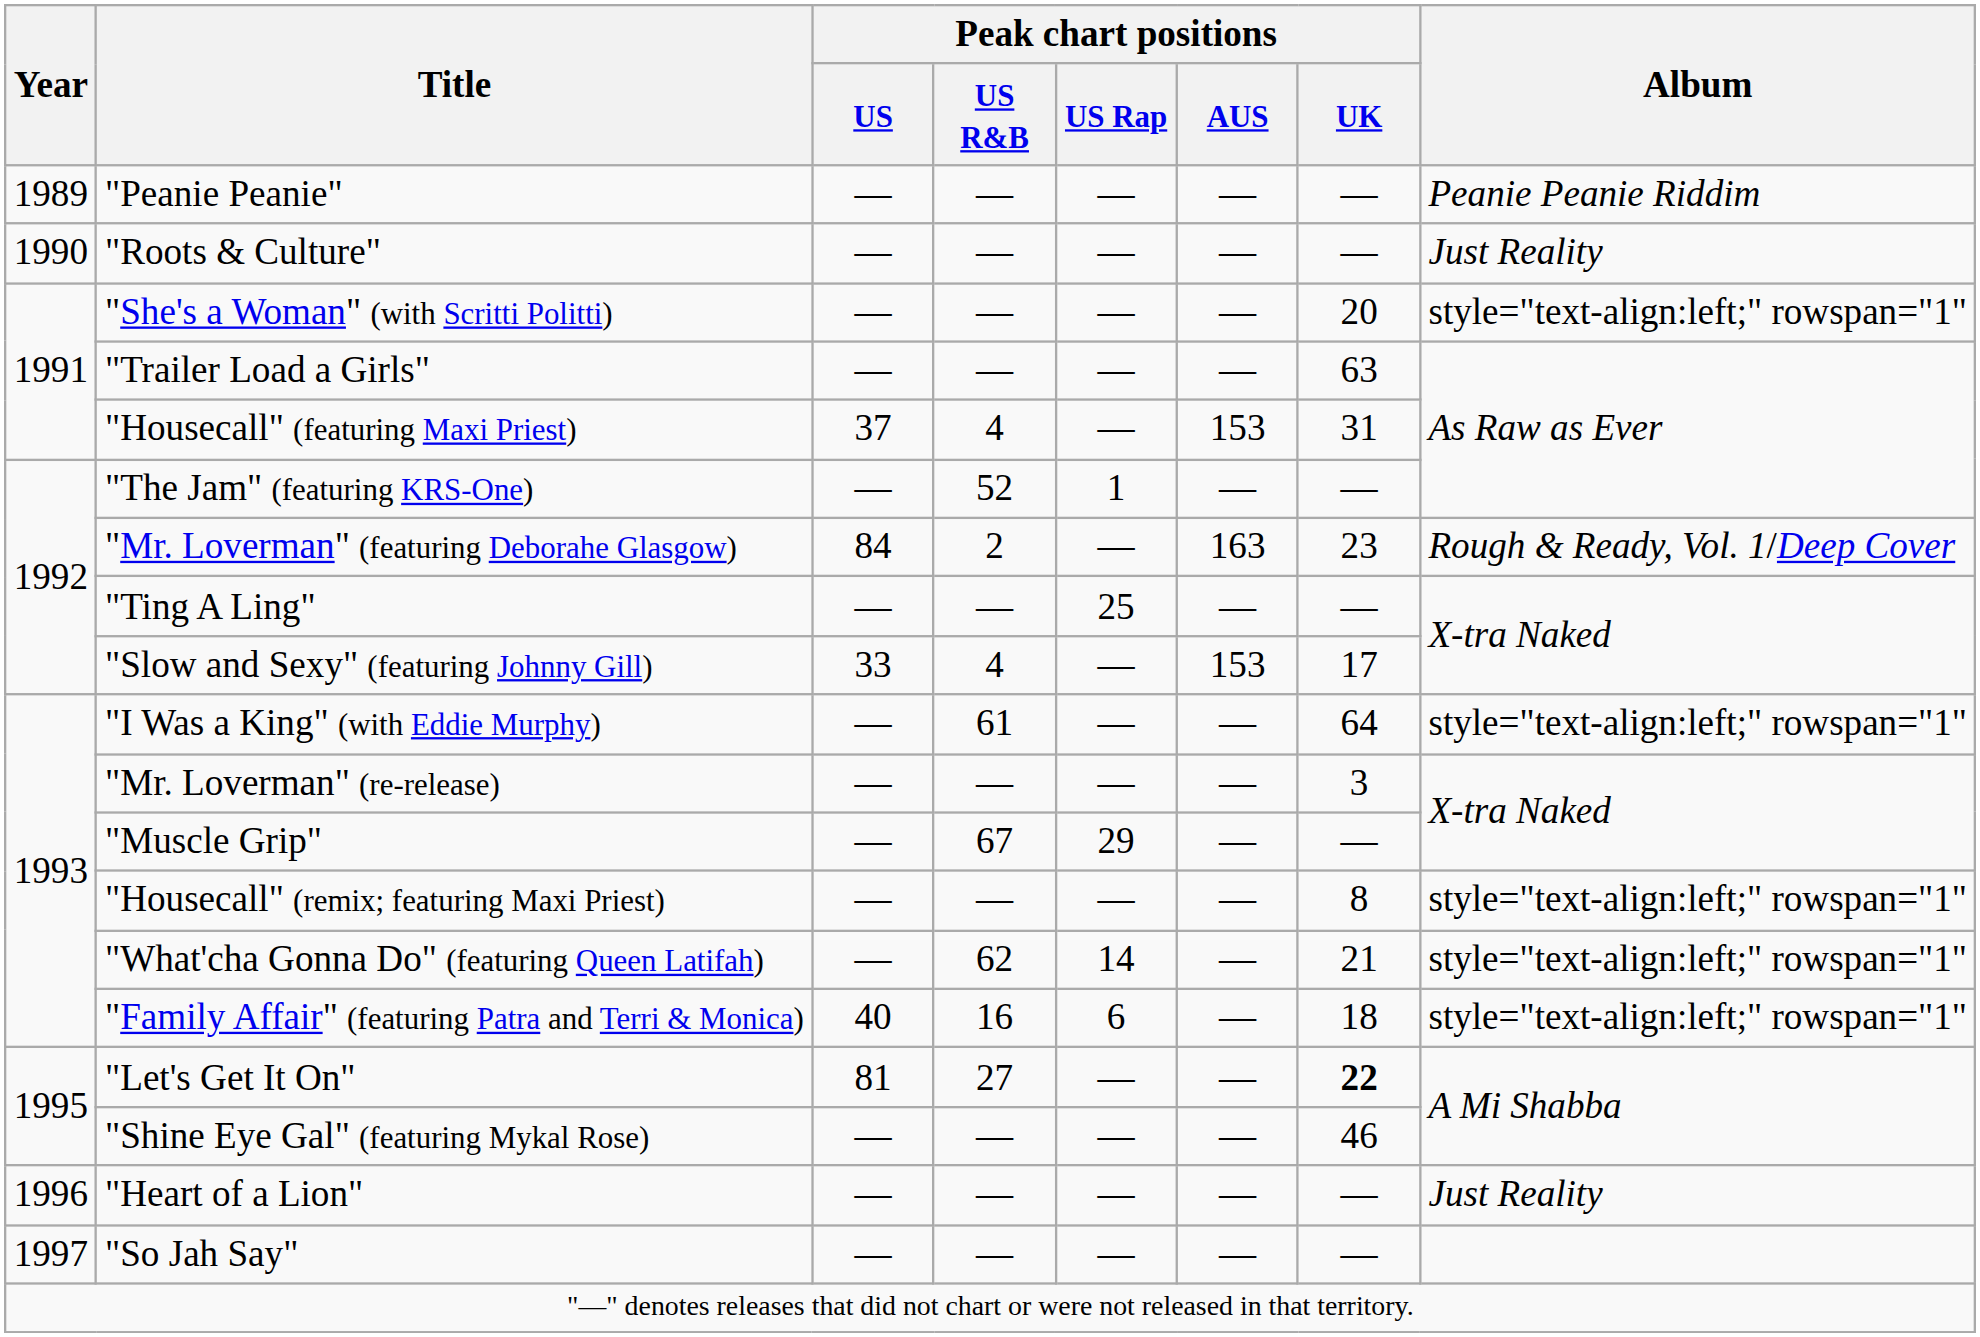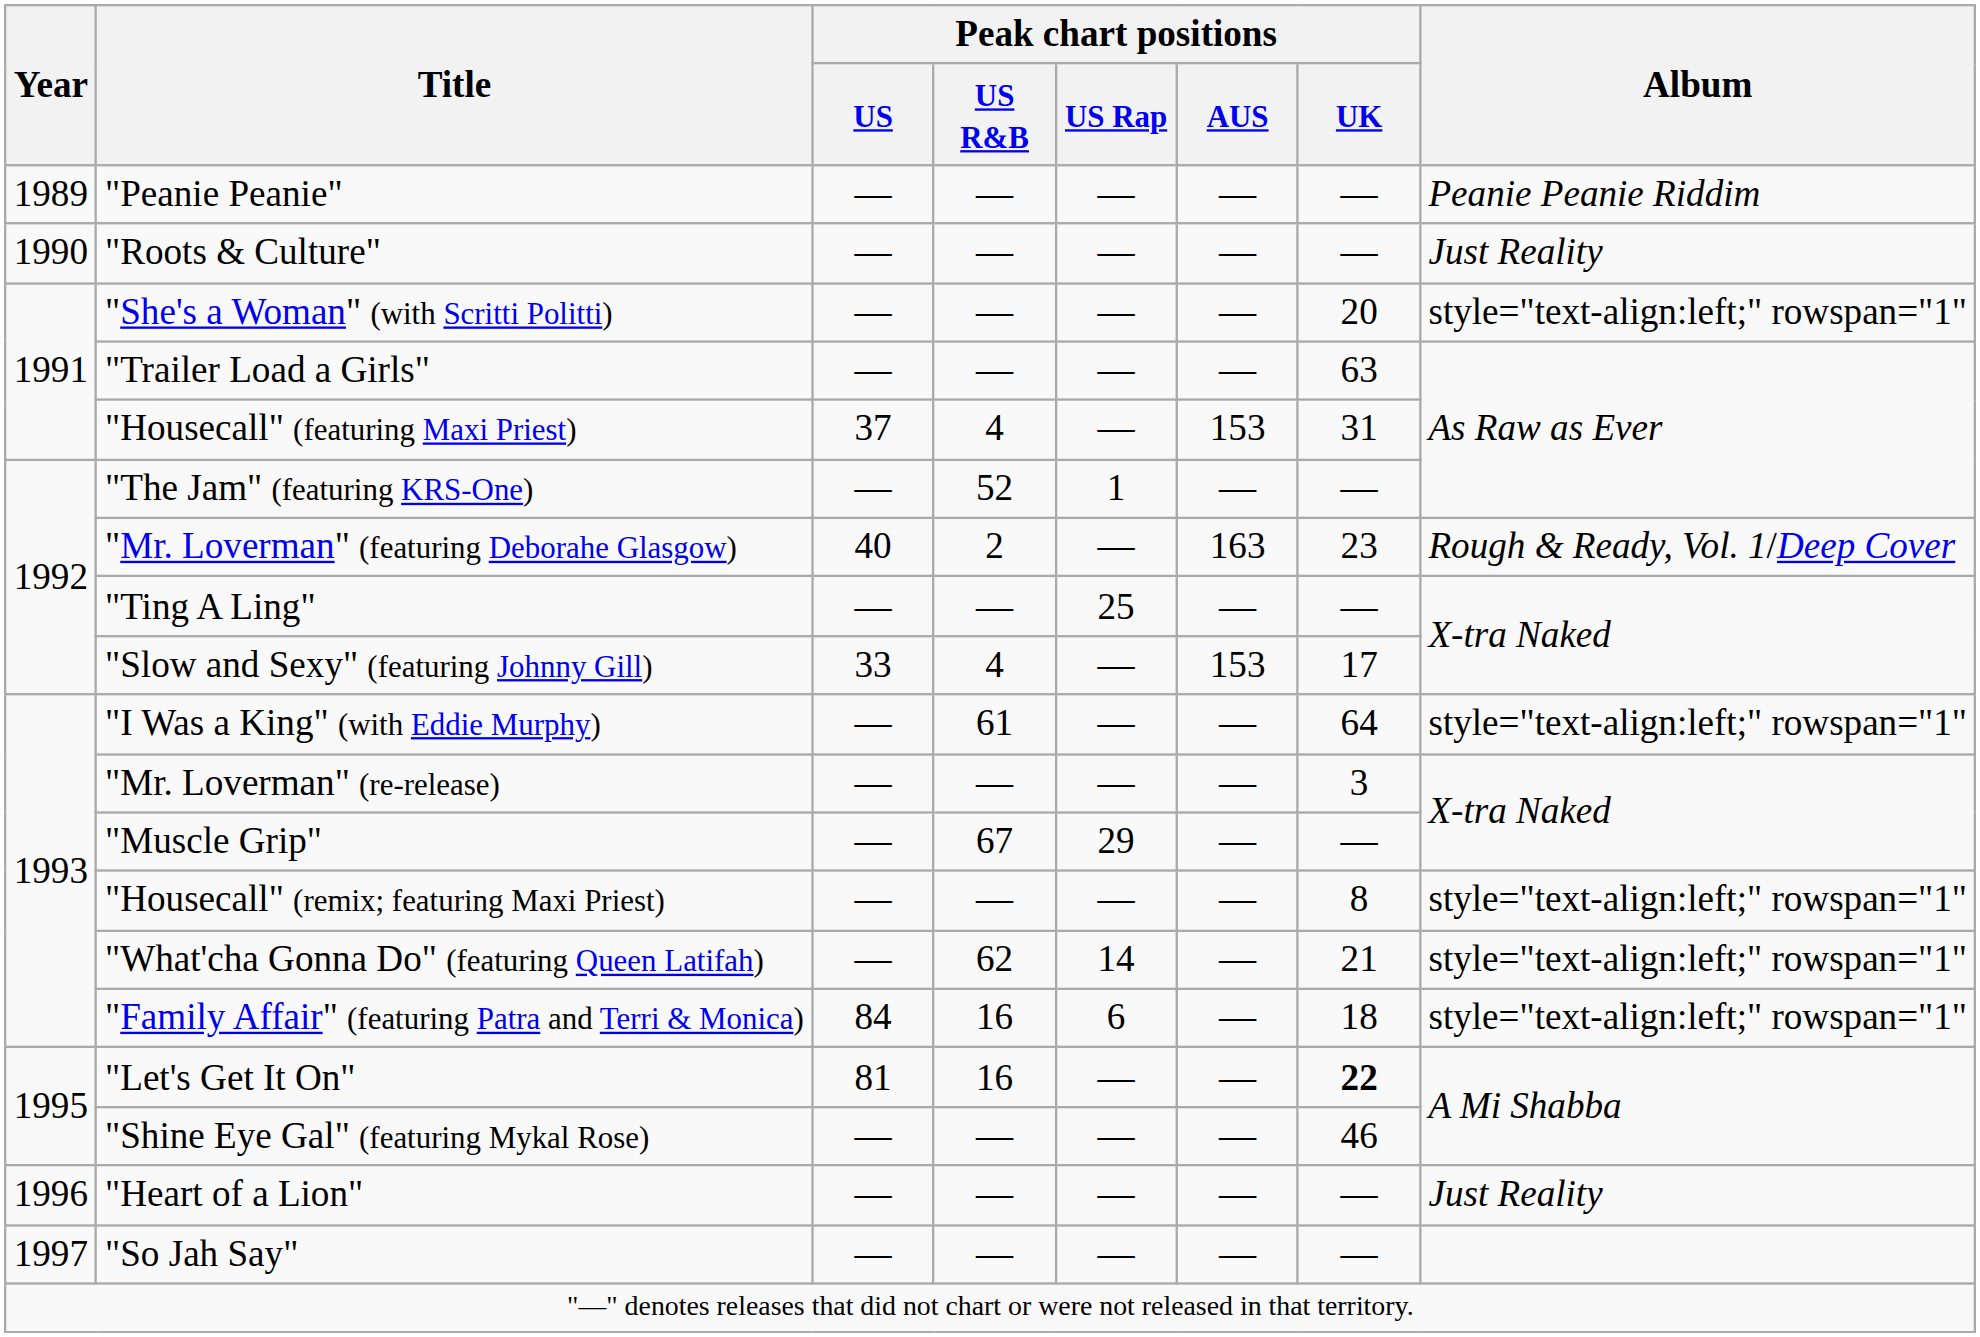 <table class="wikitable">
 <tr>
 <th rowspan="2">Year</th>
 <th rowspan="2">Title</th>
 <th colspan="5">Peak chart positions</th>
 <th rowspan="2">Album</th>
 </tr>
 <tr>
 <th style="width:45px;"><small><a href='#'>US</a></small><br></th>
 <th style="width:45px;"><small><a href='#'>US R&B</a></small><br></th>
 <th style="width:45px;"><small><a href='#'>US Rap</a></small><br></th>
 <th style="width:45px;"><small><a href='#'>AUS</a></small><br></th>
 <th style="width:45px;"><small><a href='#'>UK</a></small><br></th>
 </tr>
 <tr>
 <td>1989</td>
 <td>"Peanie Peanie"</td>
 <td align=center>―</td>
 <td align=center>―</td>
 <td align=center>―</td>
 <td align=center>―</td>
 <td align=center>―</td>
 <td style="text-align:left;" rowspan="1"><em>Peanie Peanie Riddim</em></td>
 </tr>
 <tr>
 <td>1990</td>
 <td>"Roots & Culture"</td>
 <td align=center>―</td>
 <td align=center>―</td>
 <td align=center>―</td>
 <td align=center>―</td>
 <td align=center>―</td>
 <td style="text-align:left;" rowspan="1"><em>Just Reality</em></td>
 </tr>
 <tr>
 <td rowspan="3">1991</td>
 <td>"<a href='#'>She's a Woman</a>" <small>(with <a href='#'>Scritti Politti</a>)</small></td>
 <td align=center>―</td>
 <td align=center>―</td>
 <td align=center>―</td>
 <td align=center>―</td>
 <td align=center>20</td>
 <td>style="text-align:left;" rowspan="1" </td>
 </tr>
 <tr>
 <td>"Trailer Load a Girls"</td>
 <td align=center>―</td>
 <td align=center>―</td>
 <td align=center>―</td>
 <td align=center>―</td>
 <td align=center>63</td>
 <td style="text-align:left;" rowspan="3"><em>As Raw as Ever</em></td>
 </tr>
 <tr>
 <td>"Housecall" <small>(featuring <a href='#'>Maxi Priest</a>)</small></td>
 <td align=center>37</td>
 <td align=center>4</td>
 <td align=center>―</td>
 <td align=center>153</td>
 <td align=center>31</td>
 </tr>
 <tr>
 <td rowspan="4">1992</td>
 <td>"The Jam" <small>(featuring <a href='#'>KRS-One</a>)</small></td>
 <td align=center>―</td>
 <td align=center>52</td>
 <td align=center>1</td>
 <td align=center>―</td>
 <td align=center>―</td>
 </tr>
 <tr>
 <td>"<a href='#'>Mr. Loverman</a>" <small>(featuring <a href='#'>Deborahe Glasgow</a>)</small></td>
-<td align=center>84</td>
+<td align=center>40</td>
 <td align=center>2</td>
 <td align=center>―</td>
 <td align=center>163</td>
 <td align=center>23</td>
 <td style="text-align:left;" rowspan="1"><em>Rough & Ready, Vol. 1</em>/<em><a href='#'>Deep Cover</a></em></td>
 </tr>
 <tr>
 <td>"Ting A Ling"</td>
 <td align=center>―</td>
 <td align=center>―</td>
 <td align=center>25</td>
 <td align=center>―</td>
 <td align=center>―</td>
 <td style="text-align:left;" rowspan="2"><em>X-tra Naked</em></td>
 </tr>
 <tr>
 <td>"Slow and Sexy" <small>(featuring <a href='#'>Johnny Gill</a>)</small></td>
 <td align=center>33</td>
 <td align=center>4</td>
 <td align=center>―</td>
 <td align=center>153</td>
 <td align=center>17</td>
 </tr>
 <tr>
 <td rowspan="6">1993</td>
 <td>"I Was a King" <small>(with <a href='#'>Eddie Murphy</a>)</small></td>
 <td align=center>―</td>
 <td align=center>61</td>
 <td align=center>―</td>
 <td align=center>―</td>
 <td align=center>64</td>
 <td>style="text-align:left;" rowspan="1" </td>
 </tr>
 <tr>
 <td>"Mr. Loverman" <small>(re-release)</small></td>
 <td align=center>―</td>
 <td align=center>―</td>
 <td align=center>―</td>
 <td align=center>―</td>
 <td align=center>3</td>
 <td style="text-align:left;" rowspan="2"><em>X-tra Naked</em></td>
 </tr>
 <tr>
 <td>"Muscle Grip"</td>
 <td align=center>―</td>
 <td align=center>67</td>
 <td align=center>29</td>
 <td align=center>―</td>
 <td align=center>―</td>
 </tr>
 <tr>
 <td>"Housecall" <small>(remix; featuring Maxi Priest)</small></td>
 <td align=center>―</td>
 <td align=center>―</td>
 <td align=center>―</td>
 <td align=center>―</td>
 <td align=center>8</td>
 <td>style="text-align:left;" rowspan="1" </td>
 </tr>
 <tr>
 <td>"What'cha Gonna Do" <small>(featuring <a href='#'>Queen Latifah</a>)</small></td>
 <td align=center>―</td>
 <td align=center>62</td>
 <td align=center>14</td>
 <td align=center>―</td>
 <td align=center>21</td>
 <td>style="text-align:left;" rowspan="1" </td>
 </tr>
 <tr>
 <td>"<a href='#'>Family Affair</a>" <small>(featuring <a href='#'>Patra</a> and <a href='#'>Terri & Monica</a>)</small></td>
-<td align=center>40</td>
+<td align=center>84</td>
 <td align=center>16</td>
 <td align=center>6</td>
 <td align=center>―</td>
 <td align=center>18</td>
 <td>style="text-align:left;" rowspan="1" </td>
 </tr>
 <tr>
 <td rowspan="2">1995</td>
 <td>"Let's Get It On"</td>
 <td align=center>81</td>
-<td align=center>27</td>
+<td align=center>16</td>
 <td align=center>―</td>
 <td align=center>―</td>
 <td align=center><strong>22</strong></td>
 <td style="text-align:left;" rowspan="2"><em>A Mi Shabba</em></td>
 </tr>
 <tr>
 <td>"Shine Eye Gal" <small>(featuring Mykal Rose)</small></td>
 <td align=center>―</td>
 <td align=center>―</td>
 <td align=center>―</td>
 <td align=center>―</td>
 <td align=center>46</td>
 </tr>
 <tr>
 <td>1996</td>
 <td>"Heart of a Lion"</td>
 <td align=center>―</td>
 <td align=center>―</td>
 <td align=center>―</td>
 <td align=center>―</td>
 <td align=center>―</td>
 <td style="text-align:left;" rowspan="1"><em>Just Reality</em></td>
 </tr>
 <tr>
 <td>1997</td>
 <td>"So Jah Say"</td>
 <td align=center>―</td>
 <td align=center>―</td>
 <td align=center>―</td>
 <td align=center>―</td>
 <td align=center>―</td>
 </tr>
 <tr>
 <td colspan="8" style="text-align:center; font-size:9pt;">"—" denotes releases that did not chart or were not released in that territory.</td>
 </tr>
 </table>
